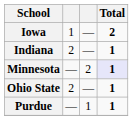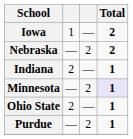 <table class=wikitable style="text-align:center">
 <tr>
 <th>School</th>
 <th></th>
 <th></th>
 <th>Total</th>
 </tr>
 <tr>
 <th>Iowa</th>
 <td>1</td>
 <td>—</td>
+<td><strong>2</strong></td>
+</tr>
+<tr>
+<th>Nebraska</th>
+<td>—</td>
+<td>2</td>
 <td><strong>2</strong></td>
 </tr>
 <tr>
 <th>Indiana</th>
 <td>2</td>
 <td>—</td>
 <td><strong>1</strong></td>
 </tr>
 <tr>
 <th>Minnesota</th>
 <td>—</td>
 <td>2</td>
 <td style="background: lavender;"><strong>1</strong></td>
 </tr>
 <tr>
 <th>Ohio State</th>
 <td>2</td>
 <td>—</td>
 <td><strong>1</strong></td>
 </tr>
 <tr>
 <th>Purdue</th>
 <td>—</td>
-<td>1</td>
+<td>2</td>
 <td><strong>1</strong></td>
 </tr>
 <tr>
 </tr>
 </table>
